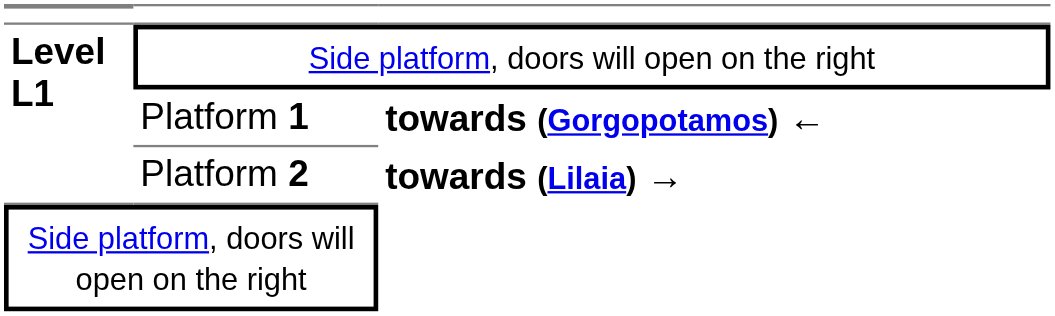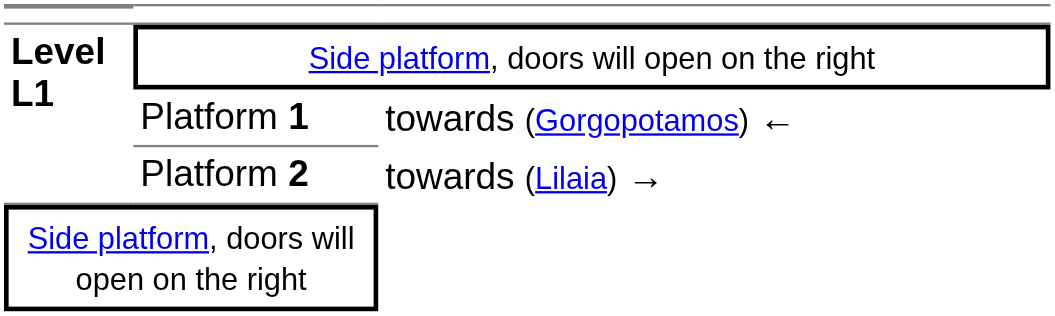 <table table border=0 cellspacing=0 cellpadding=3>
 <tr>
 <td style="border-bottom:solid 1px gray;border-top:solid 2px gray;" width=50 valign=top></td>
 <td style="border-top:solid 1px gray;border-bottom:solid 1px gray;" width=100 valign=top></td>
 <td style="border-top:solid 1px gray;border-bottom:solid 1px gray;" width=285 valign=top></td>
 </tr>
 <tr>
 <td style="border-bottom:solid 1px gray;" rowspan=4 valign=top><strong>Level<br>L1</strong></td>
 <td style="border-top:solid 2px black;border-right:solid 2px black;border-left:solid 2px black;border-bottom:solid 2px black;text-align:center;" colspan=2><small><a href='#'>Side platform</a>, doors will open on the right</small></td>
 </tr>
 <tr>
 <td style="border-bottom:solid 1px gray;">Platform <span><strong>1</strong></span></td>
-<td><strong> towards  <small>(<a href='#'>Gorgopotamos</a>)</small> ←</strong></td>
+<td> towards  <small>(<a href='#'>Gorgopotamos</a>)</small> ←</td>
 </tr>
 <tr>
 <td style="border-bottom:solid 1px gray;">Platform <span><strong>2</strong></span></td>
-<td><strong> towards  <small>(<a href='#'>Lilaia</a>)</small> →</strong></td>
+<td> towards  <small>(<a href='#'>Lilaia</a>)</small> →</td>
 </tr>
 <tr>
 </tr>
 <tr>
 <td style="border-top:solid 2px black;border-left:solid 2px black;border-right:solid 2px black;border-bottom:solid 2px black;text-align:center;" colspan=2><small><a href='#'>Side platform</a>, doors will open on the right</small></td>
 </tr>
 </table>
